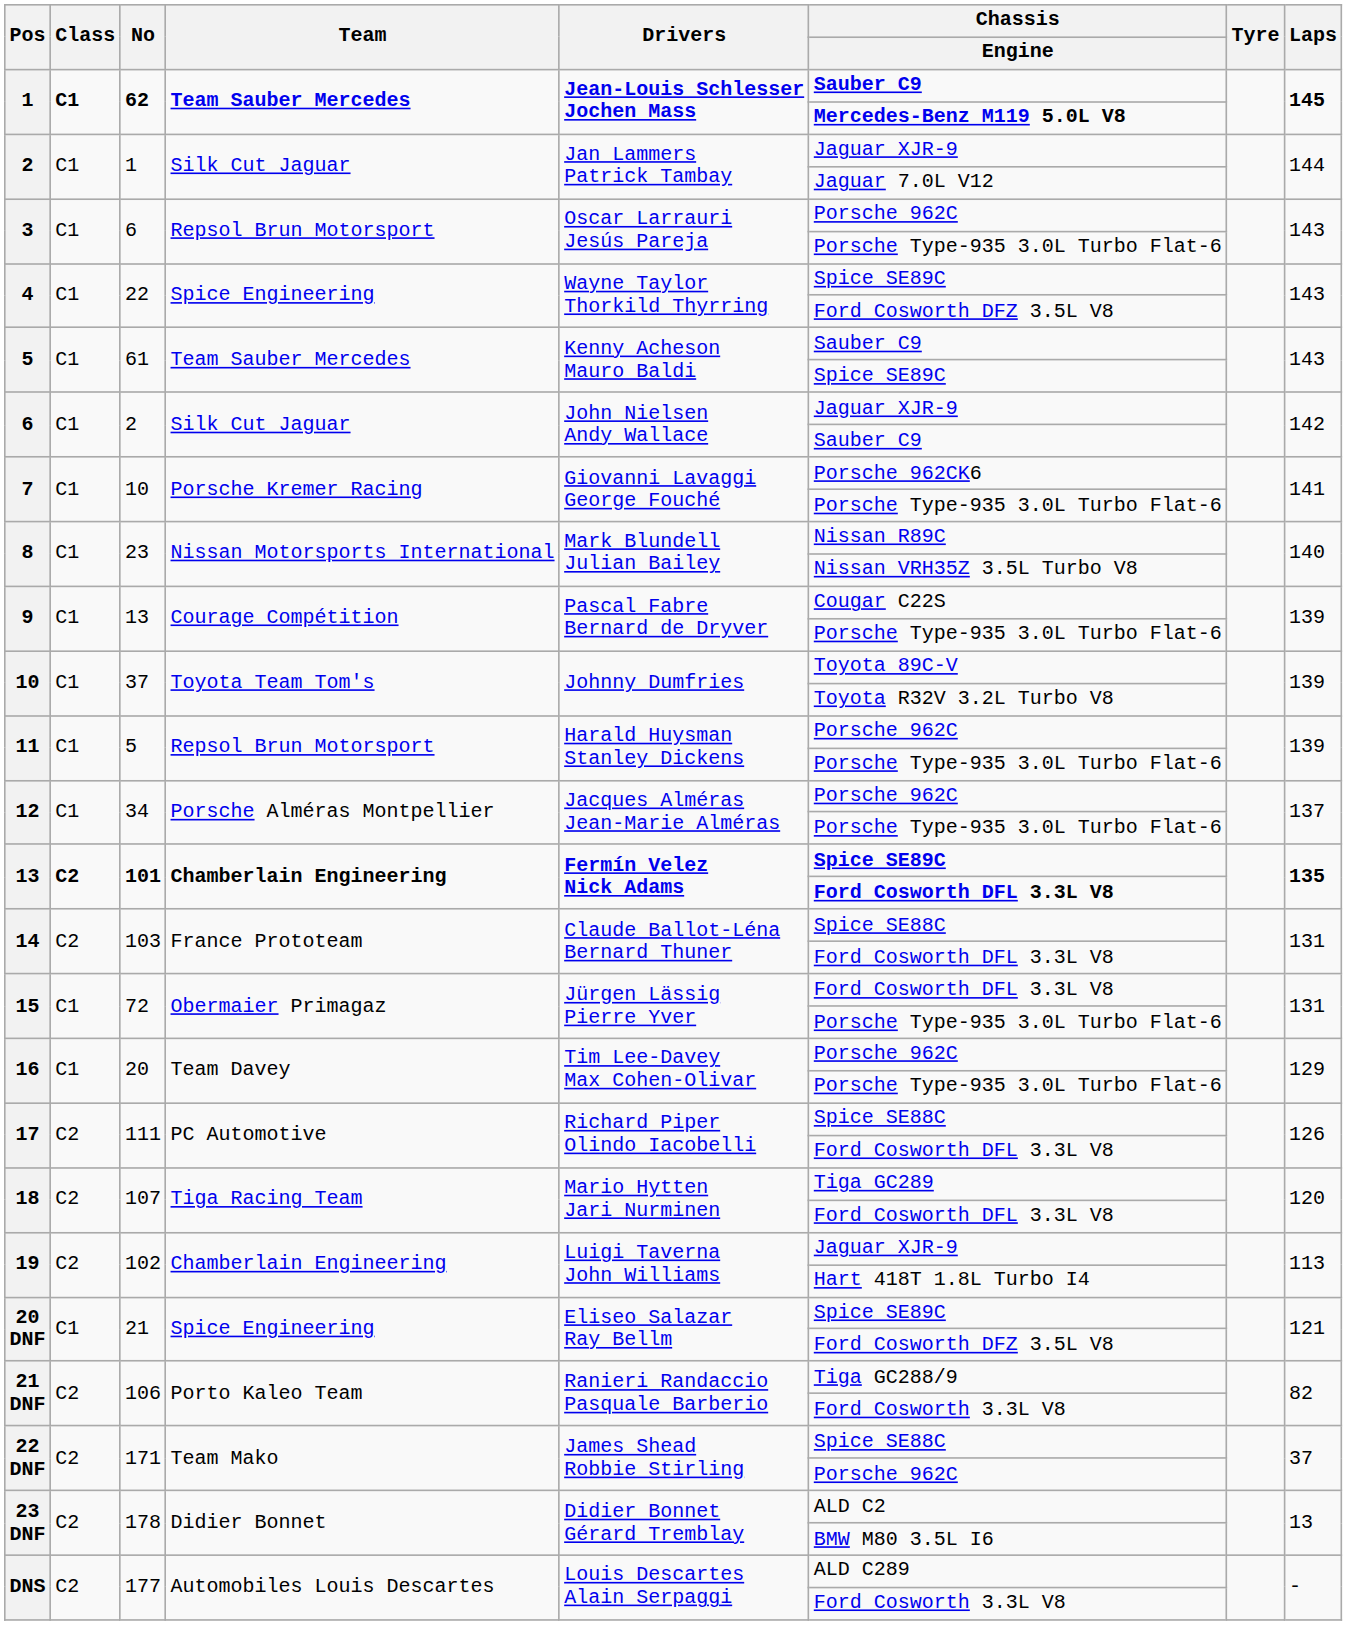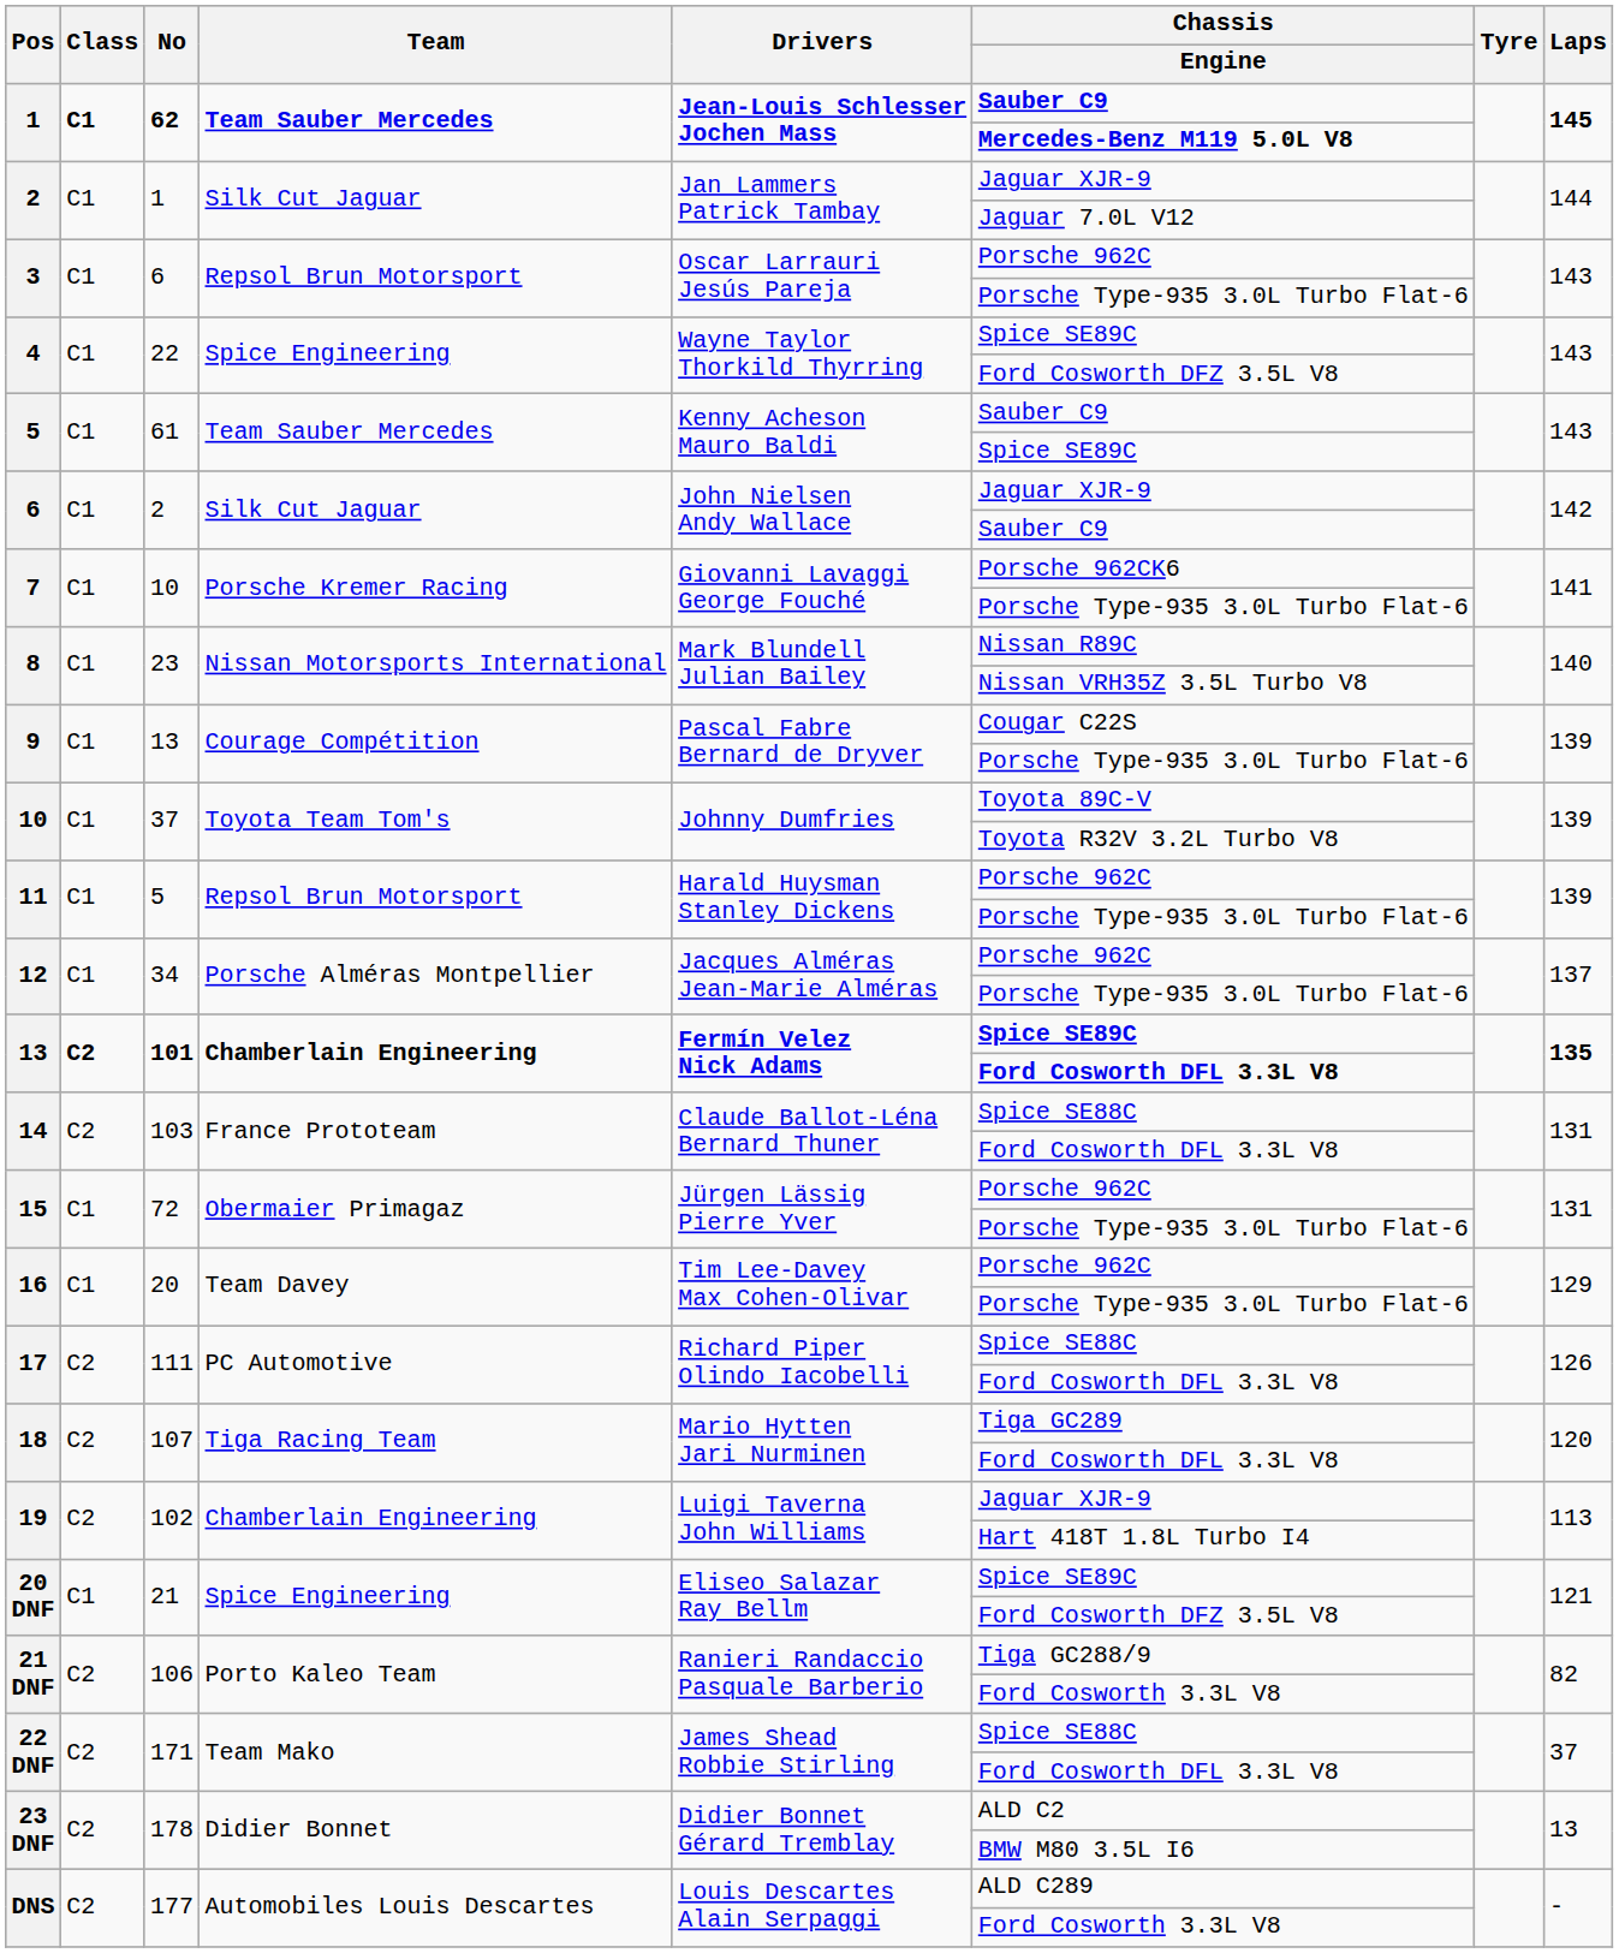 <table class="wikitable" style="font-size: 95%;">
 <tr>
 <th rowspan=2>Pos</th>
 <th rowspan=2>Class</th>
 <th rowspan=2>No</th>
 <th rowspan=2>Team</th>
 <th rowspan=2>Drivers</th>
 <th>Chassis</th>
 <th rowspan=2>Tyre</th>
 <th rowspan=2>Laps</th>
 </tr>
 <tr>
 <th>Engine</th>
 </tr>
 <tr style="font-weight:bold">
 <th rowspan=2>1</th>
 <td rowspan=2>C1</td>
 <td rowspan=2>62</td>
 <td rowspan=2> <a href='#'>Team Sauber Mercedes</a></td>
 <td rowspan=2> <a href='#'>Jean-Louis Schlesser</a><br> <a href='#'>Jochen Mass</a></td>
 <td><a href='#'>Sauber C9</a></td>
 <td rowspan=2></td>
 <td rowspan=2>145</td>
 </tr>
 <tr style="font-weight:bold">
 <td><a href='#'>Mercedes-Benz M119</a> 5.0L V8</td>
 </tr>
 <tr>
 <th rowspan=2>2</th>
 <td rowspan=2>C1</td>
 <td rowspan=2>1</td>
 <td rowspan=2> <a href='#'>Silk Cut Jaguar</a></td>
 <td rowspan=2> <a href='#'>Jan Lammers</a><br> <a href='#'>Patrick Tambay</a></td>
 <td><a href='#'>Jaguar XJR-9</a></td>
 <td rowspan=2></td>
 <td rowspan=2>144</td>
 </tr>
 <tr>
 <td><a href='#'>Jaguar</a> 7.0L V12</td>
 </tr>
 <tr>
 <th rowspan=2>3</th>
 <td rowspan=2>C1</td>
 <td rowspan=2>6</td>
 <td rowspan=2> <a href='#'>Repsol Brun Motorsport</a></td>
 <td rowspan=2> <a href='#'>Oscar Larrauri</a><br> <a href='#'>Jesús Pareja</a></td>
 <td><a href='#'>Porsche 962C</a></td>
 <td rowspan=2></td>
 <td rowspan=2>143</td>
 </tr>
 <tr>
 <td><a href='#'>Porsche</a> Type-935 3.0L Turbo Flat-6</td>
 </tr>
 <tr>
 <th rowspan=2>4</th>
 <td rowspan=2>C1</td>
 <td rowspan=2>22</td>
 <td rowspan=2> <a href='#'>Spice Engineering</a></td>
 <td rowspan=2> <a href='#'>Wayne Taylor</a><br> <a href='#'>Thorkild Thyrring</a></td>
 <td><a href='#'>Spice SE89C</a></td>
 <td rowspan=2></td>
 <td rowspan=2>143</td>
 </tr>
 <tr>
 <td><a href='#'>Ford Cosworth DFZ</a> 3.5L V8</td>
 </tr>
 <tr>
 <th rowspan=2>5</th>
 <td rowspan=2>C1</td>
 <td rowspan=2>61</td>
 <td rowspan=2> <a href='#'>Team Sauber Mercedes</a></td>
 <td rowspan=2> <a href='#'>Kenny Acheson</a><br> <a href='#'>Mauro Baldi</a></td>
 <td><a href='#'>Sauber C9</a></td>
 <td rowspan=2></td>
 <td rowspan=2>143</td>
 </tr>
 <tr>
 <td><a href='#'>Spice SE89C</a></td>
 </tr>
 <tr>
 <th rowspan=2>6</th>
 <td rowspan=2>C1</td>
 <td rowspan=2>2</td>
 <td rowspan=2> <a href='#'>Silk Cut Jaguar</a></td>
 <td rowspan=2> <a href='#'>John Nielsen</a><br> <a href='#'>Andy Wallace</a></td>
 <td><a href='#'>Jaguar XJR-9</a></td>
 <td rowspan=2></td>
 <td rowspan=2>142</td>
 </tr>
 <tr>
 <td><a href='#'>Sauber C9</a></td>
 </tr>
 <tr>
 <th rowspan=2>7</th>
 <td rowspan=2>C1</td>
 <td rowspan=2>10</td>
 <td rowspan=2> <a href='#'>Porsche Kremer Racing</a></td>
 <td rowspan=2> <a href='#'>Giovanni Lavaggi</a><br> <a href='#'>George Fouché</a></td>
 <td><a href='#'>Porsche 962CK</a>6</td>
 <td rowspan=2></td>
 <td rowspan=2>141</td>
 </tr>
 <tr>
 <td><a href='#'>Porsche</a> Type-935 3.0L Turbo Flat-6</td>
 </tr>
 <tr>
 <th rowspan=2>8</th>
 <td rowspan=2>C1</td>
 <td rowspan=2>23</td>
 <td rowspan=2> <a href='#'>Nissan Motorsports International</a></td>
 <td rowspan=2> <a href='#'>Mark Blundell</a><br> <a href='#'>Julian Bailey</a></td>
 <td><a href='#'>Nissan R89C</a></td>
 <td rowspan=2></td>
 <td rowspan=2>140</td>
 </tr>
 <tr>
 <td><a href='#'>Nissan VRH35Z</a> 3.5L Turbo V8</td>
 </tr>
 <tr>
 <th rowspan=2>9</th>
 <td rowspan=2>C1</td>
 <td rowspan=2>13</td>
 <td rowspan=2> <a href='#'>Courage Compétition</a></td>
 <td rowspan=2> <a href='#'>Pascal Fabre</a><br> <a href='#'>Bernard de Dryver</a></td>
 <td><a href='#'>Cougar</a> C22S</td>
 <td rowspan=2></td>
 <td rowspan=2>139</td>
 </tr>
 <tr>
 <td><a href='#'>Porsche</a> Type-935 3.0L Turbo Flat-6</td>
 </tr>
 <tr>
 <th rowspan=2>10</th>
 <td rowspan=2>C1</td>
 <td rowspan=2>37</td>
 <td rowspan=2> <a href='#'>Toyota Team Tom's</a></td>
 <td rowspan=2> <a href='#'>Johnny Dumfries</a></td>
 <td><a href='#'>Toyota 89C-V</a></td>
 <td rowspan=2></td>
 <td rowspan=2>139</td>
 </tr>
 <tr>
 <td><a href='#'>Toyota</a> R32V 3.2L Turbo V8</td>
 </tr>
 <tr>
 <th rowspan=2>11</th>
 <td rowspan=2>C1</td>
 <td rowspan=2>5</td>
 <td rowspan=2> <a href='#'>Repsol Brun Motorsport</a></td>
 <td rowspan=2> <a href='#'>Harald Huysman</a><br> <a href='#'>Stanley Dickens</a></td>
 <td><a href='#'>Porsche 962C</a></td>
 <td rowspan=2></td>
 <td rowspan=2>139</td>
 </tr>
 <tr>
 <td><a href='#'>Porsche</a> Type-935 3.0L Turbo Flat-6</td>
 </tr>
 <tr>
 <th rowspan=2>12</th>
 <td rowspan=2>C1</td>
 <td rowspan=2>34</td>
 <td rowspan=2> <a href='#'>Porsche</a> Alméras Montpellier</td>
 <td rowspan=2> <a href='#'>Jacques Alméras</a><br> <a href='#'>Jean-Marie Alméras</a></td>
 <td><a href='#'>Porsche 962C</a></td>
 <td rowspan=2></td>
 <td rowspan=2>137</td>
 </tr>
 <tr>
 <td><a href='#'>Porsche</a> Type-935 3.0L Turbo Flat-6</td>
 </tr>
 <tr style="font-weight:bold">
 <th rowspan=2>13</th>
 <td rowspan=2>C2</td>
 <td rowspan=2>101</td>
 <td rowspan=2> Chamberlain Engineering</td>
 <td rowspan=2> <a href='#'>Fermín Velez</a><br> <a href='#'>Nick Adams</a></td>
 <td><a href='#'>Spice SE89C</a></td>
 <td rowspan=2></td>
 <td rowspan=2>135</td>
 </tr>
 <tr style="font-weight:bold">
 <td><a href='#'>Ford Cosworth DFL</a> 3.3L V8</td>
 </tr>
 <tr>
 <th rowspan=2>14</th>
 <td rowspan=2>C2</td>
 <td rowspan=2>103</td>
 <td rowspan=2> France Prototeam</td>
 <td rowspan=2> <a href='#'>Claude Ballot-Léna</a><br> <a href='#'>Bernard Thuner</a></td>
 <td><a href='#'>Spice SE88C</a></td>
 <td rowspan=2></td>
 <td rowspan=2>131</td>
 </tr>
 <tr>
 <td><a href='#'>Ford Cosworth DFL</a> 3.3L V8</td>
 </tr>
 <tr>
 <th rowspan=2>15</th>
 <td rowspan=2>C1</td>
 <td rowspan=2>72</td>
 <td rowspan=2> <a href='#'>Obermaier</a> Primagaz</td>
 <td rowspan=2> <a href='#'>Jürgen Lässig</a><br> <a href='#'>Pierre Yver</a></td>
-<td><a href='#'>Ford Cosworth DFL</a> 3.3L V8</td>
+<td><a href='#'>Porsche 962C</a></td>
 <td rowspan=2></td>
 <td rowspan=2>131</td>
 </tr>
 <tr>
 <td><a href='#'>Porsche</a> Type-935 3.0L Turbo Flat-6</td>
 </tr>
 <tr>
 <th rowspan=2>16</th>
 <td rowspan=2>C1</td>
 <td rowspan=2>20</td>
 <td rowspan=2> Team Davey</td>
 <td rowspan=2> <a href='#'>Tim Lee-Davey</a><br> <a href='#'>Max Cohen-Olivar</a></td>
 <td><a href='#'>Porsche 962C</a></td>
 <td rowspan=2></td>
 <td rowspan=2>129</td>
 </tr>
 <tr>
 <td><a href='#'>Porsche</a> Type-935 3.0L Turbo Flat-6</td>
 </tr>
 <tr>
 <th rowspan=2>17</th>
 <td rowspan=2>C2</td>
 <td rowspan=2>111</td>
 <td rowspan=2> PC Automotive</td>
 <td rowspan=2> <a href='#'>Richard Piper</a><br> <a href='#'>Olindo Iacobelli</a></td>
 <td><a href='#'>Spice SE88C</a></td>
 <td rowspan=2></td>
 <td rowspan=2>126</td>
 </tr>
 <tr>
 <td><a href='#'>Ford Cosworth DFL</a> 3.3L V8</td>
 </tr>
 <tr>
 <th rowspan=2>18</th>
 <td rowspan=2>C2</td>
 <td rowspan=2>107</td>
 <td rowspan=2> <a href='#'>Tiga Racing Team</a></td>
 <td rowspan=2> <a href='#'>Mario Hytten</a><br> <a href='#'>Jari Nurminen</a></td>
 <td><a href='#'>Tiga GC289</a></td>
 <td rowspan=2></td>
 <td rowspan=2>120</td>
 </tr>
 <tr>
 <td><a href='#'>Ford Cosworth DFL</a> 3.3L V8</td>
 </tr>
 <tr>
 <th rowspan=2>19</th>
 <td rowspan=2>C2</td>
 <td rowspan=2>102</td>
 <td rowspan=2> <a href='#'>Chamberlain Engineering</a></td>
 <td rowspan=2> <a href='#'>Luigi Taverna</a><br> <a href='#'>John Williams</a></td>
 <td><a href='#'>Jaguar XJR-9</a></td>
 <td rowspan=2></td>
 <td rowspan=2>113</td>
 </tr>
 <tr>
 <td><a href='#'>Hart</a> 418T 1.8L Turbo I4</td>
 </tr>
 <tr>
 <th rowspan=2>20<br>DNF</th>
 <td rowspan=2>C1</td>
 <td rowspan=2>21</td>
 <td rowspan=2> <a href='#'>Spice Engineering</a></td>
 <td rowspan=2> <a href='#'>Eliseo Salazar</a><br> <a href='#'>Ray Bellm</a></td>
 <td><a href='#'>Spice SE89C</a></td>
 <td rowspan=2></td>
 <td rowspan=2>121</td>
 </tr>
 <tr>
 <td><a href='#'>Ford Cosworth DFZ</a> 3.5L V8</td>
 </tr>
 <tr>
 <th rowspan=2>21<br>DNF</th>
 <td rowspan=2>C2</td>
 <td rowspan=2>106</td>
 <td rowspan=2> Porto Kaleo Team</td>
 <td rowspan=2> <a href='#'>Ranieri Randaccio</a><br> <a href='#'>Pasquale Barberio</a></td>
 <td><a href='#'>Tiga</a> GC288/9</td>
 <td rowspan=2></td>
 <td rowspan=2>82</td>
 </tr>
 <tr>
 <td><a href='#'>Ford Cosworth</a> 3.3L V8</td>
 </tr>
 <tr>
 <th rowspan=2>22<br>DNF</th>
 <td rowspan=2>C2</td>
 <td rowspan=2>171</td>
 <td rowspan=2> Team Mako</td>
 <td rowspan=2> <a href='#'>James Shead</a><br> <a href='#'>Robbie Stirling</a></td>
 <td><a href='#'>Spice SE88C</a></td>
 <td rowspan=2></td>
 <td rowspan=2>37</td>
 </tr>
 <tr>
-<td><a href='#'>Porsche 962C</a></td>
+<td><a href='#'>Ford Cosworth DFL</a> 3.3L V8</td>
 </tr>
 <tr>
 <th rowspan=2>23<br>DNF</th>
 <td rowspan=2>C2</td>
 <td rowspan=2>178</td>
 <td rowspan=2> Didier Bonnet</td>
 <td rowspan=2> <a href='#'>Didier Bonnet</a><br> <a href='#'>Gérard Tremblay</a></td>
 <td>ALD C2</td>
 <td rowspan=2></td>
 <td rowspan=2>13</td>
 </tr>
 <tr>
 <td><a href='#'>BMW</a> M80 3.5L I6</td>
 </tr>
 <tr>
 <th rowspan=2>DNS</th>
 <td rowspan=2>C2</td>
 <td rowspan=2>177</td>
 <td rowspan=2> Automobiles Louis Descartes</td>
 <td rowspan=2> <a href='#'>Louis Descartes</a><br> <a href='#'>Alain Serpaggi</a></td>
 <td>ALD C289</td>
 <td rowspan=2></td>
 <td rowspan=2>-</td>
 </tr>
 <tr>
 <td><a href='#'>Ford Cosworth</a> 3.3L V8</td>
 </tr>
 </table>
